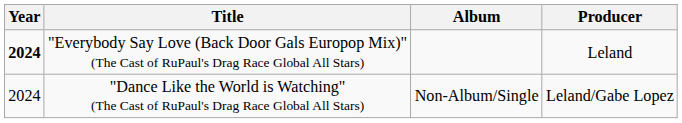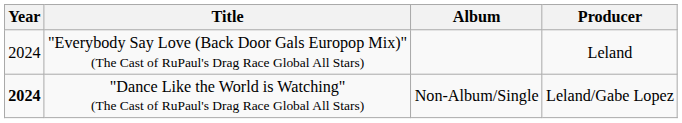 <table class="wikitable plainrowheaders" style="text-align:center;">
 <tr>
 <th>Year</th>
 <th>Title</th>
 <th>Album</th>
 <th>Producer</th>
 </tr>
 <tr>
-<td><strong>2024</strong></td>
+<td>2024</td>
 <td>"Everybody Say Love (Back Door Gals Europop Mix)" <br><small>(The Cast of RuPaul's Drag Race Global All Stars)</small></td>
 <td></td>
 <td>Leland</td>
 </tr>
 <tr>
-<td>2024</td>
+<td><strong>2024</strong></td>
 <td>"Dance Like the World is Watching"<br><small>(The Cast of RuPaul's Drag Race Global All Stars)</small></td>
 <td>Non-Album/Single</td>
 <td>Leland/Gabe Lopez</td>
 </tr>
 </table>
